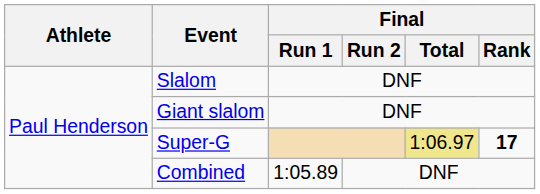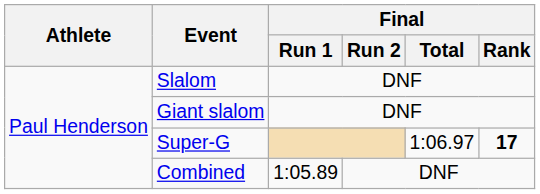 <table class="wikitable">
 <tr>
 <th rowspan="2">Athlete</th>
 <th rowspan="2">Event</th>
 <th colspan="4">Final</th>
 </tr>
 <tr>
 <th>Run 1</th>
 <th>Run 2</th>
 <th>Total</th>
 <th>Rank</th>
 </tr>
 <tr>
 <td rowspan=4><a href='#'>Paul Henderson</a></td>
 <td><a href='#'>Slalom</a></td>
 <td align="center" colspan=4>DNF</td>
 </tr>
 <tr>
 <td><a href='#'>Giant slalom</a></td>
 <td align="center" colspan=4>DNF</td>
 </tr>
 <tr>
 <td><a href='#'>Super-G</a></td>
 <td colspan=2 bgcolor="wheat"></td>
-<td align="center" style="background: khaki;">1:06.97</td>
+<td align="center">1:06.97</td>
 <td align="center"><strong>17</strong></td>
 </tr>
 <tr>
 <td><a href='#'>Combined</a></td>
 <td align="center">1:05.89</td>
 <td align="center" colspan=3>DNF</td>
 </tr>
 </table>
